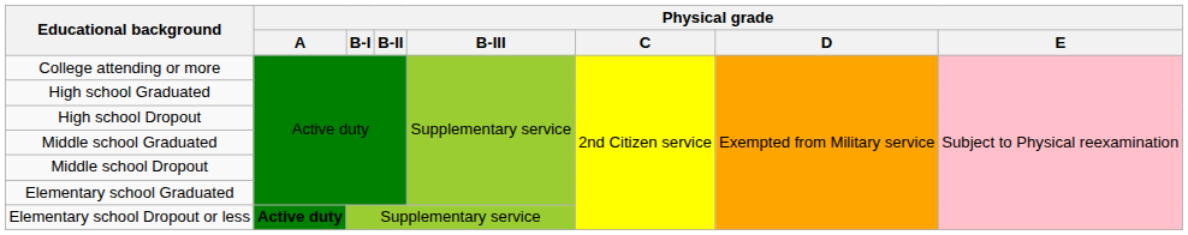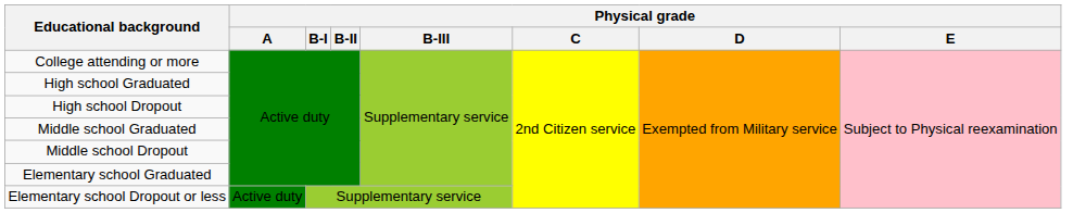 <table class="wikitable">
 <tr>
 <th rowspan="2">Educational background</th>
 <th colspan="7">Physical grade</th>
 </tr>
 <tr>
 <th>A</th>
 <th>B-I</th>
 <th>B-II</th>
 <th>B-III</th>
 <th>C</th>
 <th>D</th>
 <th>E</th>
 </tr>
 <tr>
 <td div style="text-align:center">College attending or more</td>
 <td colspan="3" rowspan="6" div style="background:green; text-align:center;">Active duty</td>
 <td rowspan="6" div style="background:yellowgreen; text-align:center;">Supplementary service</td>
 <td rowspan="7" div style="background:yellow; text-align:center;">2nd Citizen service</td>
 <td rowspan="7" div style="background:orange; text-align:center;">Exempted from Military service</td>
 <td rowspan="7" div style="background:pink; text-align:center;">Subject to Physical reexamination</td>
 </tr>
 <tr>
 <td div style="text-align:center">High school Graduated</td>
 </tr>
 <tr>
 <td div style="text-align:center">High school Dropout</td>
 </tr>
 <tr>
 <td div style="text-align:center">Middle school Graduated</td>
 </tr>
 <tr>
 <td div style="text-align:center">Middle school Dropout</td>
 </tr>
 <tr>
 <td div style="text-align:center">Elementary school Graduated</td>
 </tr>
 <tr>
 <td div style="text-align:center">Elementary school Dropout or less</td>
-<td div style="background:green; text-align:center;"><strong>Active duty</strong></td>
+<td div style="background:green; text-align:center;">Active duty</td>
 <td colspan="3" div style="background:yellowgreen; text-align:center;">Supplementary service</td>
 </tr>
 </table>
